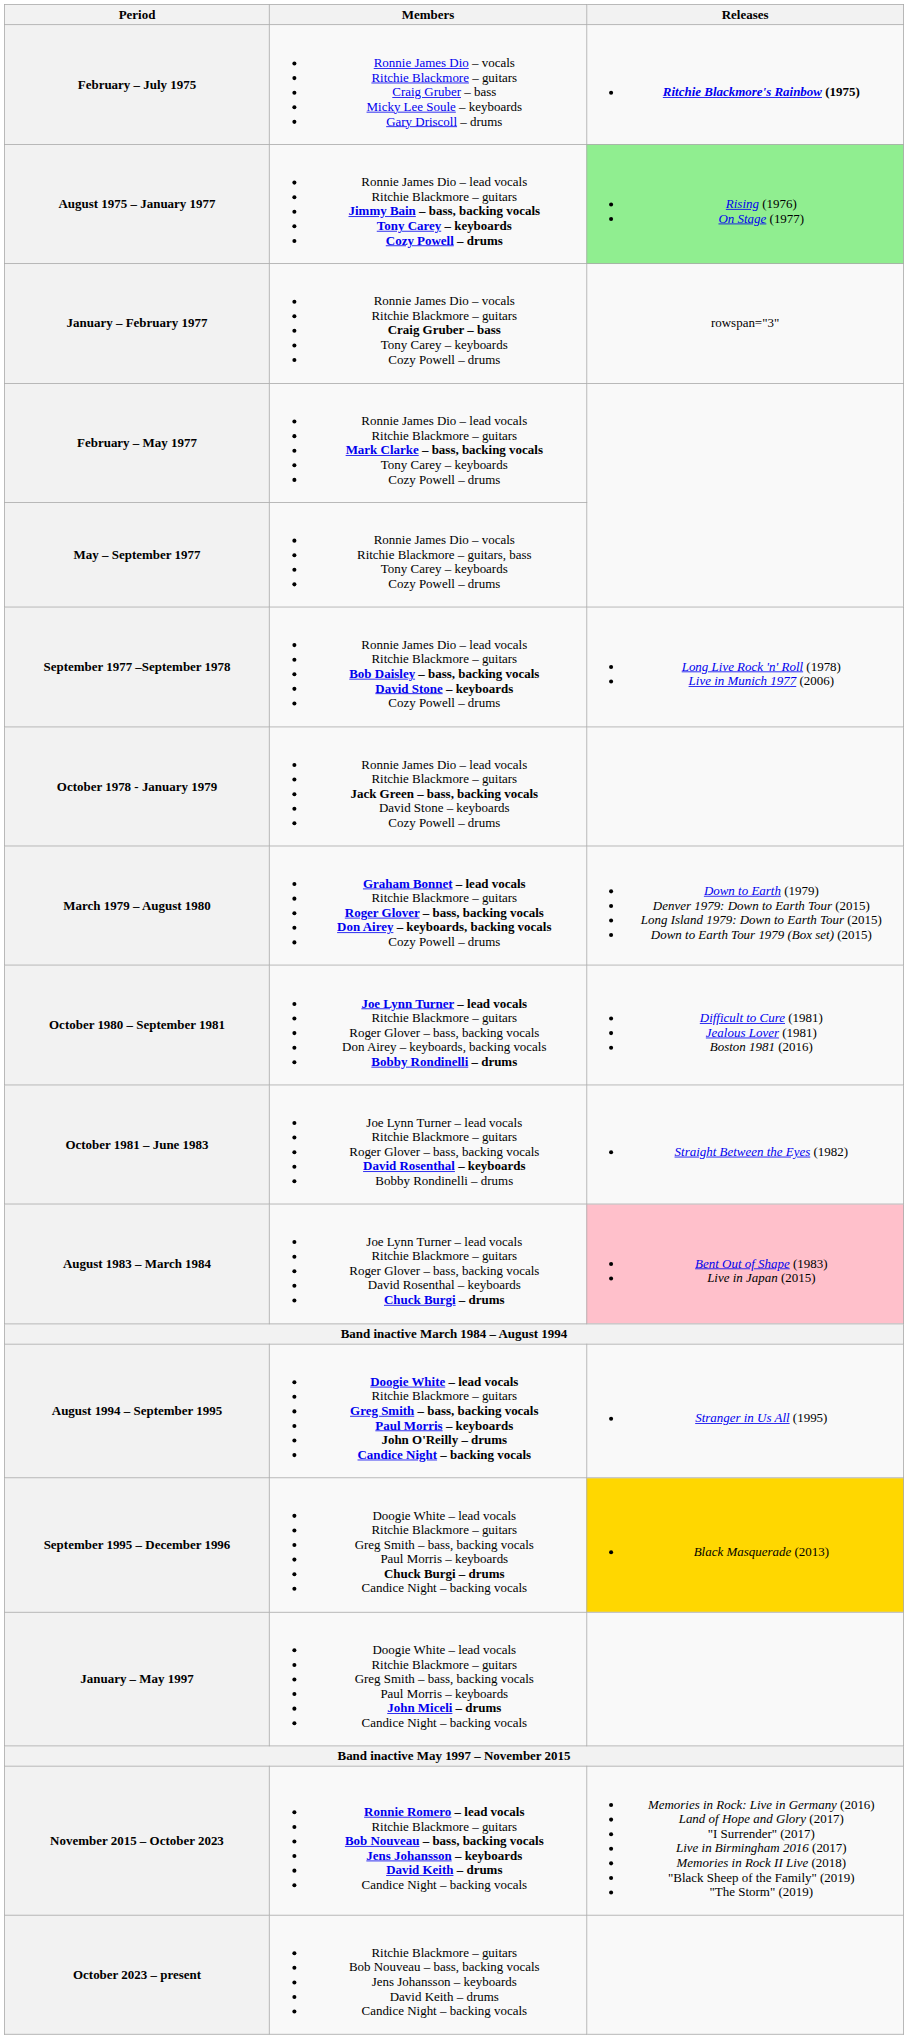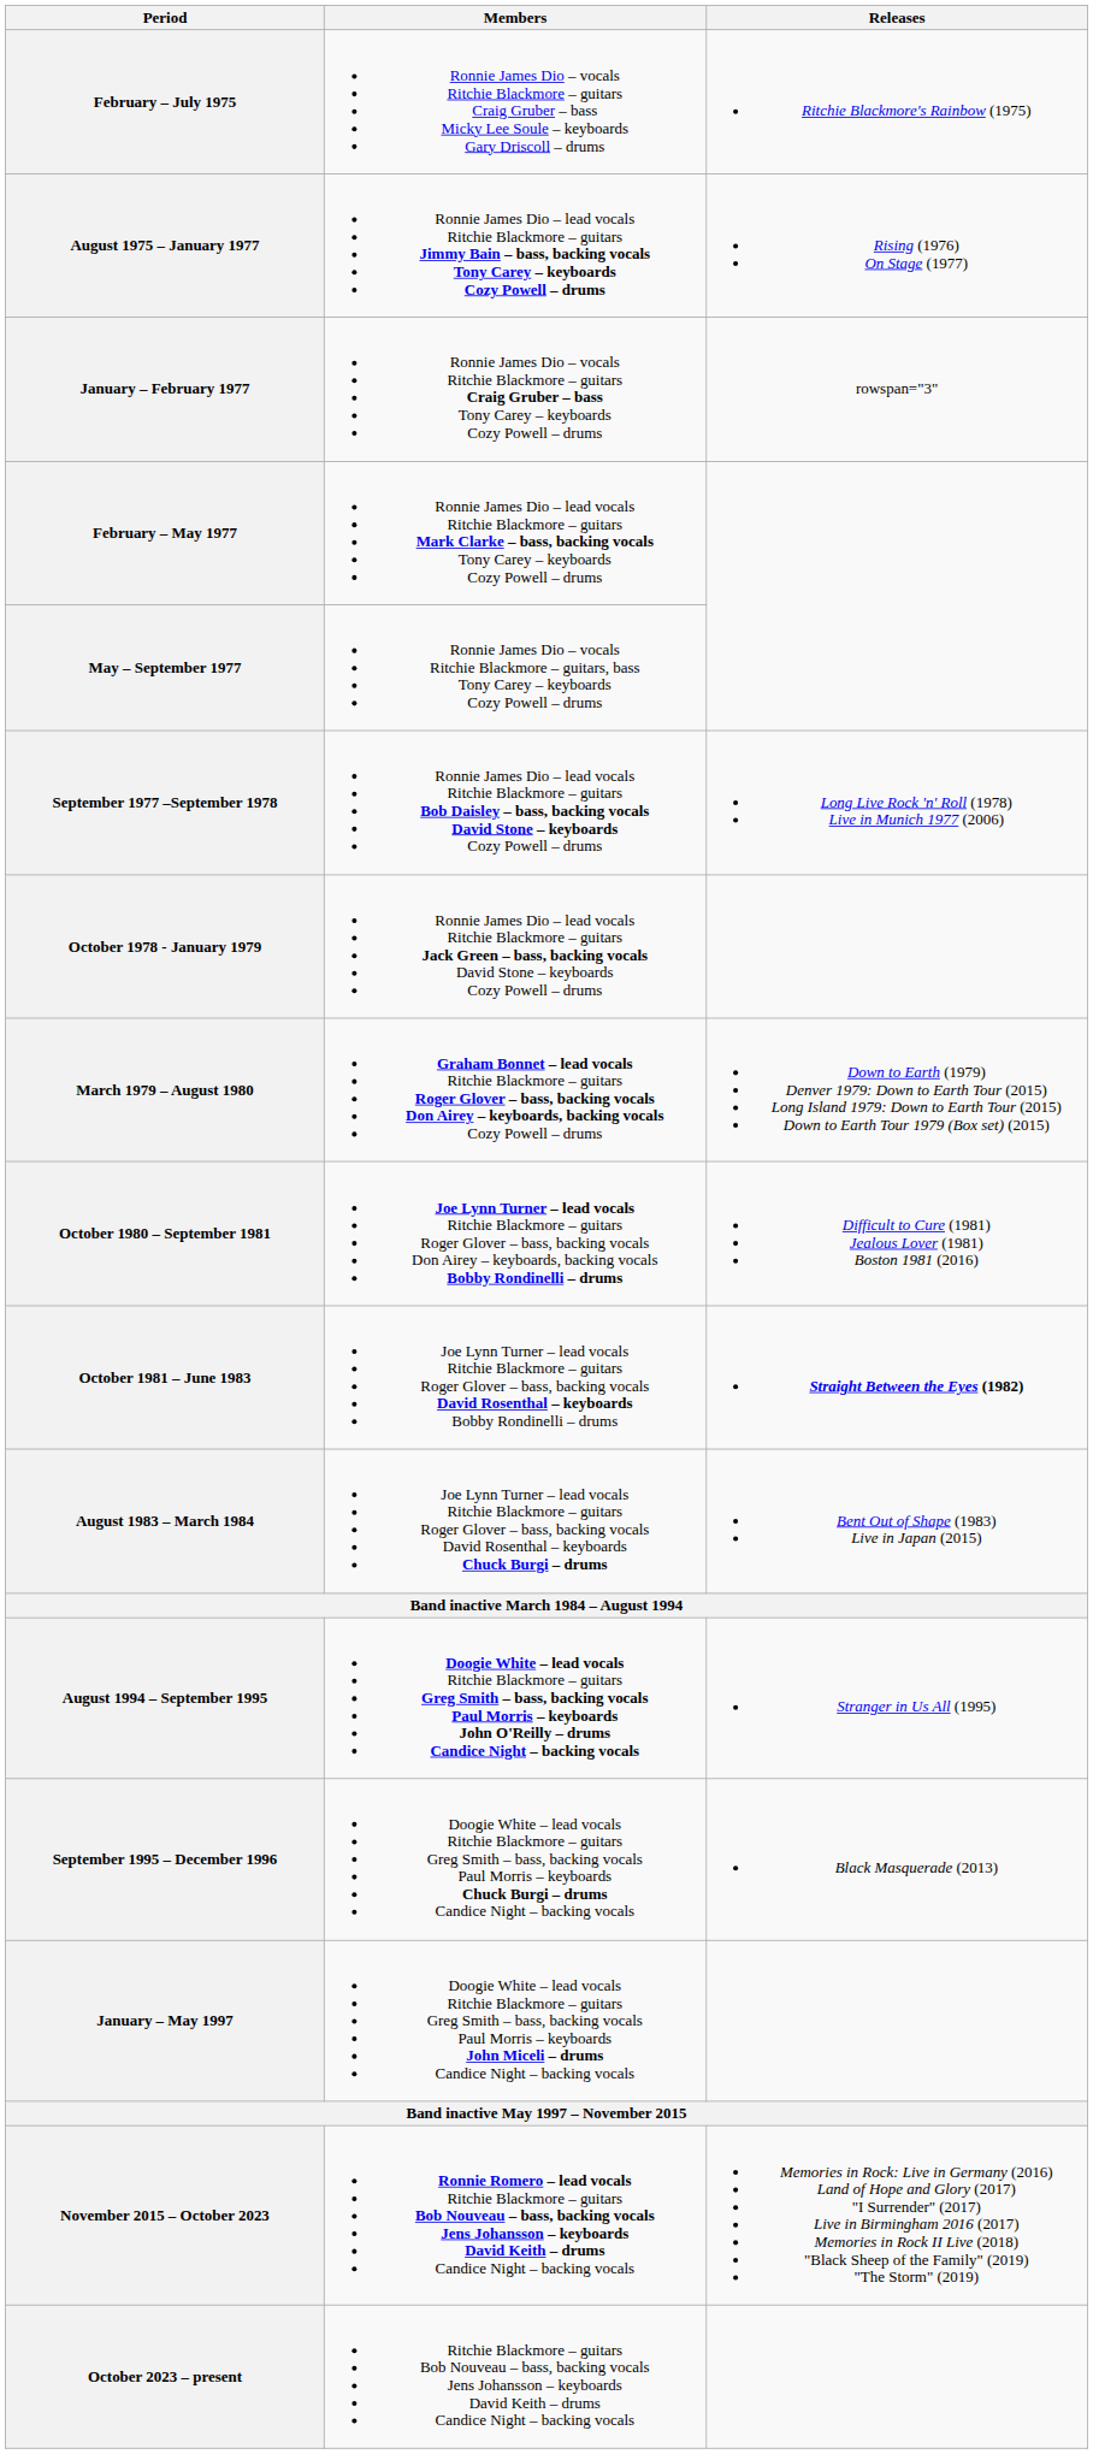 <table class="wikitable plainrowheaders" style="text-align:center;">
 <tr>
 <th scope="col" style="width:20em;">Period</th>
 <th scope="col" style="width:24em;">Members</th>
 <th scope="col" style="width:24em;">Releases</th>
 </tr>
 <tr>
 <th scope="col">February – July 1975</th>
 <td><br><ul><li><a href='#'>Ronnie James Dio</a> – vocals</li><li><a href='#'>Ritchie Blackmore</a> – guitars</li><li><a href='#'>Craig Gruber</a> – bass</li><li><a href='#'>Micky Lee Soule</a> – keyboards</li><li><a href='#'>Gary Driscoll</a> – drums</li></ul></td>
-<td><strong><br><ul><li><em><a href='#'>Ritchie Blackmore's Rainbow</a></em> (1975)</li></ul></strong></td>
+<td><br><ul><li><em><a href='#'>Ritchie Blackmore's Rainbow</a></em> (1975)</li></ul></td>
 </tr>
 <tr>
 <th scope="col">August 1975 – January 1977</th>
 <td><br><ul><li>Ronnie James Dio – lead vocals</li><li>Ritchie Blackmore – guitars</li><li><strong><a href='#'>Jimmy Bain</a> – bass, backing vocals</strong></li><li><strong><a href='#'>Tony Carey</a> – keyboards</strong></li><li><strong><a href='#'>Cozy Powell</a> – drums</strong></li></ul></td>
-<td style="background: lightgreen;"><br><ul><li><em><a href='#'>Rising</a></em> (1976)</li><li><em><a href='#'>On Stage</a></em> (1977)</li></ul></td>
+<td><br><ul><li><em><a href='#'>Rising</a></em> (1976)</li><li><em><a href='#'>On Stage</a></em> (1977)</li></ul></td>
 </tr>
 <tr>
 <th scope="col">January – February 1977</th>
 <td><br><ul><li>Ronnie James Dio – vocals</li><li>Ritchie Blackmore – guitars</li><li><strong>Craig Gruber – bass</strong></li><li>Tony Carey – keyboards</li><li>Cozy Powell – drums</li></ul></td>
 <td>rowspan="3" </td>
 </tr>
 <tr>
 <th scope="col">February – May 1977</th>
 <td><br><ul><li>Ronnie James Dio – lead vocals</li><li>Ritchie Blackmore – guitars</li><li><strong><a href='#'>Mark Clarke</a> – bass, backing vocals</strong></li><li>Tony Carey – keyboards</li><li>Cozy Powell – drums</li></ul></td>
 </tr>
 <tr>
 <th scope="col">May – September 1977</th>
 <td><br><ul><li>Ronnie James Dio – vocals</li><li>Ritchie Blackmore – guitars, bass</li><li>Tony Carey – keyboards</li><li>Cozy Powell – drums</li></ul></td>
 </tr>
 <tr>
 <th scope="col">September 1977 –September 1978</th>
 <td><br><ul><li>Ronnie James Dio – lead vocals</li><li>Ritchie Blackmore – guitars</li><li><strong><a href='#'>Bob Daisley</a> – bass, backing vocals</strong></li><li><strong><a href='#'>David Stone</a> – keyboards</strong></li><li>Cozy Powell – drums</li></ul></td>
 <td><br><ul><li><em><a href='#'>Long Live Rock 'n' Roll</a></em> (1978)</li><li><em><a href='#'>Live in Munich 1977</a></em> (2006)</li></ul></td>
 </tr>
 <tr>
 <th>October 1978 - January 1979</th>
 <td><br><ul><li>Ronnie James Dio – lead vocals</li><li>Ritchie Blackmore – guitars</li><li><strong>Jack Green – bass, backing vocals</strong></li><li>David Stone – keyboards</li><li>Cozy Powell – drums</li></ul></td>
 <td></td>
 </tr>
 <tr>
 <th ="col">March 1979 – August 1980</th>
 <td><br><ul><li><strong><a href='#'>Graham Bonnet</a> – lead vocals</strong></li><li>Ritchie Blackmore – guitars</li><li><strong><a href='#'>Roger Glover</a> – bass, backing vocals</strong></li><li><strong><a href='#'>Don Airey</a> – keyboards, backing vocals</strong></li><li>Cozy Powell – drums</li></ul></td>
 <td><br><ul><li><em><a href='#'>Down to Earth</a></em> (1979)</li><li><em>Denver 1979: Down to Earth Tour</em> (2015)</li><li><em>Long Island 1979: Down to Earth Tour</em> (2015)</li><li><em>Down to Earth Tour 1979 (Box set)</em> (2015)</li></ul></td>
 </tr>
 <tr>
 <th scope="col">October 1980 – September 1981</th>
 <td><br><ul><li><strong><a href='#'>Joe Lynn Turner</a> – lead vocals</strong></li><li>Ritchie Blackmore – guitars</li><li>Roger Glover – bass, backing vocals</li><li>Don Airey – keyboards, backing vocals</li><li><strong><a href='#'>Bobby Rondinelli</a> – drums</strong></li></ul></td>
 <td><br><ul><li><em><a href='#'>Difficult to Cure</a></em> (1981)</li><li><em><a href='#'>Jealous Lover</a></em> (1981)</li><li><em>Boston 1981</em> (2016)</li></ul></td>
 </tr>
 <tr>
 <th scope="col">October 1981 – June 1983</th>
 <td><br><ul><li>Joe Lynn Turner – lead vocals</li><li>Ritchie Blackmore – guitars</li><li>Roger Glover – bass, backing vocals</li><li><strong><a href='#'>David Rosenthal</a> – keyboards</strong></li><li>Bobby Rondinelli – drums</li></ul></td>
-<td><br><ul><li><em><a href='#'>Straight Between the Eyes</a></em> (1982)</li></ul></td>
+<td><strong><br><ul><li><em><a href='#'>Straight Between the Eyes</a></em> (1982)</li></ul></strong></td>
 </tr>
 <tr>
 <th scope="col">August 1983 – March 1984</th>
 <td><br><ul><li>Joe Lynn Turner – lead vocals</li><li>Ritchie Blackmore – guitars</li><li>Roger Glover – bass, backing vocals</li><li>David Rosenthal – keyboards</li><li><strong><a href='#'>Chuck Burgi</a> – drums</strong></li></ul></td>
-<td style="background: pink;"><br><ul><li><em><a href='#'>Bent Out of Shape</a></em> (1983)</li><li><em>Live in Japan</em> (2015)</li></ul></td>
+<td><br><ul><li><em><a href='#'>Bent Out of Shape</a></em> (1983)</li><li><em>Live in Japan</em> (2015)</li></ul></td>
 </tr>
 <tr>
 <th scope="col" colspan="3">Band inactive March 1984 – August 1994</th>
 </tr>
 <tr>
 <th scope="col">August 1994 – September 1995</th>
 <td><br><ul><li><strong><a href='#'>Doogie White</a> – lead vocals</strong></li><li>Ritchie Blackmore – guitars</li><li><strong><a href='#'>Greg Smith</a> – bass, backing vocals</strong></li><li><strong><a href='#'>Paul Morris</a> – keyboards</strong></li><li><strong>John O'Reilly – drums</strong></li><li><strong><a href='#'>Candice Night</a> – backing vocals</strong></li></ul></td>
 <td><br><ul><li><em><a href='#'>Stranger in Us All</a></em> (1995)</li></ul></td>
 </tr>
 <tr>
 <th scope="col">September 1995 – December 1996</th>
 <td><br><ul><li>Doogie White – lead vocals</li><li>Ritchie Blackmore – guitars</li><li>Greg Smith – bass, backing vocals</li><li>Paul Morris – keyboards</li><li><strong>Chuck Burgi – drums</strong></li><li>Candice Night – backing vocals</li></ul></td>
-<td style="background: gold;"><br><ul><li><em>Black Masquerade</em> (2013)</li></ul></td>
+<td><br><ul><li><em>Black Masquerade</em> (2013)</li></ul></td>
 </tr>
 <tr>
 <th scope="col">January – May 1997</th>
 <td><br><ul><li>Doogie White – lead vocals</li><li>Ritchie Blackmore – guitars</li><li>Greg Smith – bass, backing vocals</li><li>Paul Morris – keyboards</li><li><strong><a href='#'>John Miceli</a> – drums</strong></li><li>Candice Night – backing vocals</li></ul></td>
 <td></td>
 </tr>
 <tr>
 <th scope="col" colspan="3">Band inactive May 1997 – November 2015</th>
 </tr>
 <tr>
 <th scope="col">November 2015 – October 2023</th>
 <td><br><ul><li><strong><a href='#'>Ronnie Romero</a> – lead vocals</strong></li><li>Ritchie Blackmore – guitars</li><li><strong><a href='#'>Bob Nouveau</a> – bass, backing vocals</strong></li><li><strong><a href='#'>Jens Johansson</a> – keyboards</strong></li><li><strong><a href='#'>David Keith</a> – drums</strong></li><li>Candice Night – backing vocals</li></ul></td>
 <td><br><ul><li><em>Memories in Rock: Live in Germany</em> (2016)</li><li><em>Land of Hope and Glory</em> (2017)</li><li>"I Surrender" (2017)</li><li><em>Live in Birmingham 2016</em> (2017)</li><li><em>Memories in Rock II Live</em> (2018)</li><li>"Black Sheep of the Family" (2019)</li><li>"The Storm" (2019)</li></ul></td>
 </tr>
 <tr>
 <th scope="col">October 2023 – present</th>
 <td><br><ul><li>Ritchie Blackmore – guitars</li><li>Bob Nouveau – bass, backing vocals</li><li>Jens Johansson – keyboards</li><li>David Keith – drums</li><li>Candice Night – backing vocals</li></ul></td>
 <td></td>
 </tr>
 </table>
